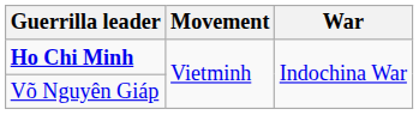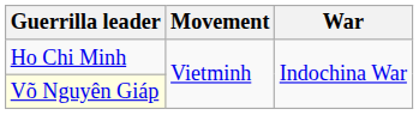 <table class="wikitable">
 <tr>
 <th>Guerrilla leader</th>
 <th>Movement</th>
 <th>War</th>
 </tr>
 <tr>
-<td><strong><a href='#'>Ho Chi Minh</a></strong></td>
+<td><a href='#'>Ho Chi Minh</a></td>
 <td rowspan="2"><a href='#'>Vietminh</a></td>
 <td rowspan="2"><a href='#'>Indochina War</a></td>
 </tr>
 <tr>
-<td><a href='#'>Võ Nguyên Giáp</a></td>
+<td style="background: lightyellow;"><a href='#'>Võ Nguyên Giáp</a></td>
 </tr>
 </table>
